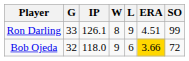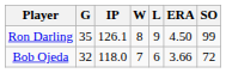 <table class="wikitable sortable">
 <tr>
 <th>Player</th>
 <th>G</th>
 <th>IP</th>
 <th>W</th>
 <th>L</th>
 <th>ERA</th>
 <th>SO</th>
 </tr>
 <tr align="center">
 <td><a href='#'>Ron Darling</a></td>
-<td>33</td>
+<td>35</td>
 <td>126.1</td>
 <td>8</td>
 <td>9</td>
-<td>4.51</td>
+<td>4.50</td>
 <td>99</td>
 </tr>
 <tr align="center">
 <td><a href='#'>Bob Ojeda</a></td>
 <td>32</td>
 <td>118.0</td>
-<td>9</td>
+<td>7</td>
 <td>6</td>
-<td style="background: gold;">3.66</td>
+<td>3.66</td>
 <td>72</td>
 </tr>
 </table>
